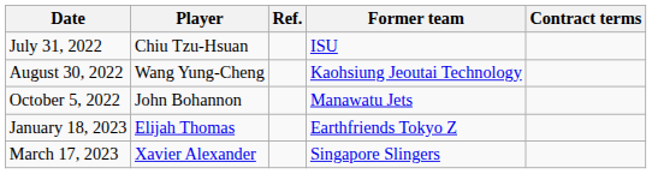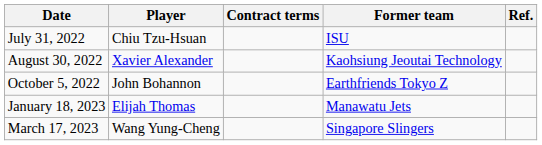 <table class="wikitable">
 <tr>
 <th>Date</th>
 <th>Player</th>
+<th>Contract terms</th>
+<th>Former team</th>
 <th>Ref.</th>
-<th>Former team</th>
-<th>Contract terms</th>
 </tr>
 <tr>
 <td>July 31, 2022</td>
 <td>Chiu Tzu-Hsuan</td>
 <td></td>
 <td> <a href='#'>ISU</a></td>
 <td></td>
 </tr>
 <tr>
 <td>August 30, 2022</td>
-<td>Wang Yung-Cheng</td>
+<td><a href='#'>Xavier Alexander</a></td>
 <td></td>
 <td> <a href='#'>Kaohsiung Jeoutai Technology</a></td>
 <td></td>
 </tr>
 <tr>
 <td>October 5, 2022</td>
 <td>John Bohannon</td>
 <td></td>
-<td> <a href='#'>Manawatu Jets</a></td>
+<td> <a href='#'>Earthfriends Tokyo Z</a></td>
 <td></td>
 </tr>
 <tr>
 <td>January 18, 2023</td>
 <td><a href='#'>Elijah Thomas</a></td>
 <td></td>
-<td> <a href='#'>Earthfriends Tokyo Z</a></td>
+<td> <a href='#'>Manawatu Jets</a></td>
 <td></td>
 </tr>
 <tr>
 <td>March 17, 2023</td>
-<td><a href='#'>Xavier Alexander</a></td>
+<td>Wang Yung-Cheng</td>
 <td></td>
 <td> <a href='#'>Singapore Slingers</a></td>
 <td></td>
 </tr>
 </table>
